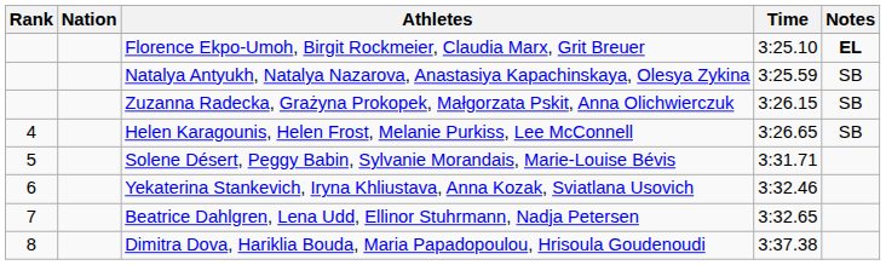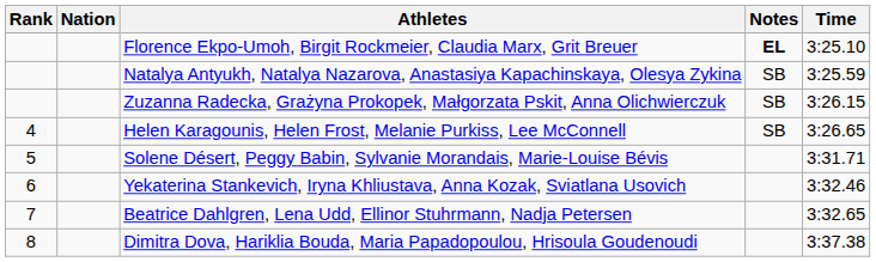 <table class="wikitable sortable" style="text-align:center">
 <tr>
 <th>Rank</th>
 <th>Nation</th>
 <th>Athletes</th>
+<th>Notes</th>
 <th>Time</th>
-<th>Notes</th>
 </tr>
 <tr>
 <td></td>
 <td align=left></td>
 <td align=left><a href='#'>Florence Ekpo-Umoh</a>, <a href='#'>Birgit Rockmeier</a>, <a href='#'>Claudia Marx</a>, <a href='#'>Grit Breuer</a></td>
+<td><strong>EL</strong></td>
 <td>3:25.10</td>
-<td><strong>EL</strong></td>
 </tr>
 <tr>
 <td></td>
 <td align=left></td>
 <td align=left><a href='#'>Natalya Antyukh</a>, <a href='#'>Natalya Nazarova</a>, <a href='#'>Anastasiya Kapachinskaya</a>, <a href='#'>Olesya Zykina</a></td>
+<td>SB</td>
 <td>3:25.59</td>
-<td>SB</td>
 </tr>
 <tr>
 <td></td>
 <td align=left></td>
 <td align=left><a href='#'>Zuzanna Radecka</a>, <a href='#'>Grażyna Prokopek</a>, <a href='#'>Małgorzata Pskit</a>, <a href='#'>Anna Olichwierczuk</a></td>
+<td>SB</td>
 <td>3:26.15</td>
-<td>SB</td>
 </tr>
 <tr>
 <td>4</td>
 <td align=left></td>
 <td align=left><a href='#'>Helen Karagounis</a>, <a href='#'>Helen Frost</a>, <a href='#'>Melanie Purkiss</a>, <a href='#'>Lee McConnell</a></td>
+<td>SB</td>
 <td>3:26.65</td>
-<td>SB</td>
 </tr>
 <tr>
 <td>5</td>
 <td align=left></td>
 <td align=left><a href='#'>Solene Désert</a>, <a href='#'>Peggy Babin</a>, <a href='#'>Sylvanie Morandais</a>, <a href='#'>Marie-Louise Bévis</a></td>
+<td></td>
 <td>3:31.71</td>
-<td></td>
 </tr>
 <tr>
 <td>6</td>
 <td align=left></td>
 <td align=left><a href='#'>Yekaterina Stankevich</a>, <a href='#'>Iryna Khliustava</a>, <a href='#'>Anna Kozak</a>, <a href='#'>Sviatlana Usovich</a></td>
+<td></td>
 <td>3:32.46</td>
-<td></td>
 </tr>
 <tr>
 <td>7</td>
 <td align=left></td>
 <td align=left><a href='#'>Beatrice Dahlgren</a>, <a href='#'>Lena Udd</a>, <a href='#'>Ellinor Stuhrmann</a>, <a href='#'>Nadja Petersen</a></td>
+<td></td>
 <td>3:32.65</td>
-<td></td>
 </tr>
 <tr>
 <td>8</td>
 <td align=left></td>
 <td align=left><a href='#'>Dimitra Dova</a>, <a href='#'>Hariklia Bouda</a>, <a href='#'>Maria Papadopoulou</a>, <a href='#'>Hrisoula Goudenoudi</a></td>
+<td></td>
 <td>3:37.38</td>
-<td></td>
 </tr>
 </table>
